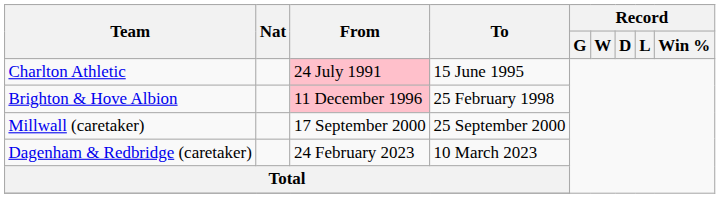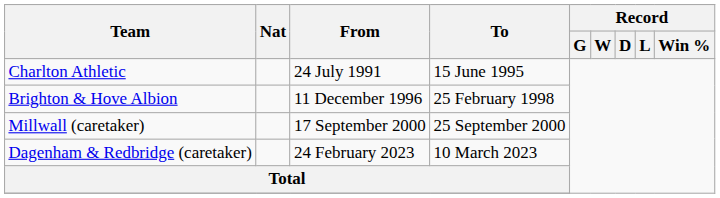 <table class="wikitable" style="text-align: center">
 <tr>
 <th rowspan="2">Team</th>
 <th rowspan="2">Nat</th>
 <th rowspan="2">From</th>
 <th rowspan="2">To</th>
 <th colspan="5">Record</th>
 </tr>
 <tr>
 <th>G</th>
 <th>W</th>
 <th>D</th>
 <th>L</th>
 <th>Win %</th>
 </tr>
 <tr>
 <td align=left><a href='#'>Charlton Athletic</a></td>
 <td></td>
-<td align=left style="background: pink;">24 July 1991</td>
+<td align=left>24 July 1991</td>
 <td align=left>15 June 1995<br></td>
 </tr>
 <tr>
 <td align=left><a href='#'>Brighton & Hove Albion</a></td>
 <td></td>
-<td align=left style="background: pink;">11 December 1996</td>
+<td align=left>11 December 1996</td>
 <td align=left>25 February 1998<br></td>
 </tr>
 <tr>
 <td align=left><a href='#'>Millwall</a> (caretaker)</td>
 <td></td>
 <td align=left>17 September 2000</td>
 <td align=left>25 September 2000<br></td>
 </tr>
 <tr>
 <td align=left><a href='#'>Dagenham & Redbridge</a> (caretaker)</td>
 <td></td>
 <td align=left>24 February 2023</td>
 <td align=left>10 March 2023<br></td>
 </tr>
 <tr>
 <th colspan="4">Total<br></th>
 </tr>
 <tr>
 </tr>
 </table>
